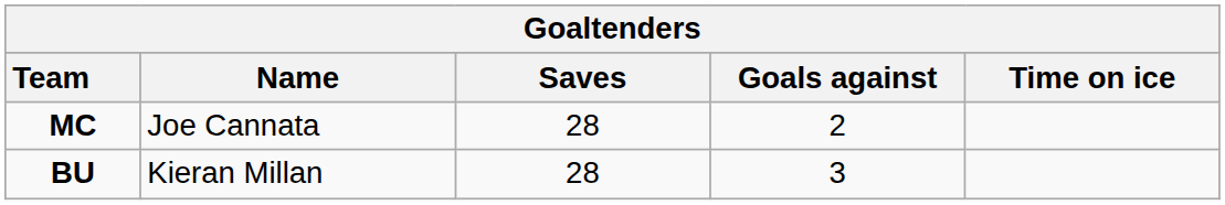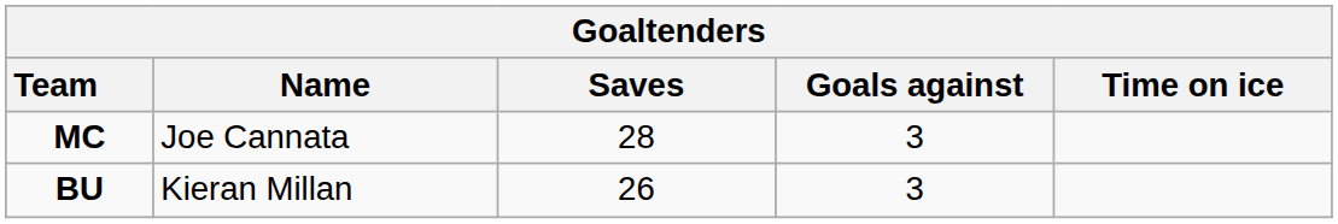 <table class="wikitable" style="width:40em; text-align:right;">
 <tr>
 <th colspan=5>Goaltenders</th>
 </tr>
 <tr>
 <th style="width:4em; text-align:left;">Team</th>
 <th style="width:10em;">Name</th>
 <th style="width:8em;">Saves</th>
 <th style="width:8em;">Goals against</th>
 <th style="width:8em;">Time on ice</th>
 </tr>
 <tr>
 <td align=center><strong>MC</strong></td>
 <td style="text-align:left;">Joe Cannata</td>
 <td align=center>28</td>
-<td align=center>2</td>
+<td align=center>3</td>
 <td align=center></td>
 </tr>
 <tr>
 <td align=center><strong>BU</strong></td>
 <td style="text-align:left;">Kieran Millan</td>
-<td align=center>28</td>
+<td align=center>26</td>
 <td align=center>3</td>
 <td align=center></td>
 </tr>
 </table>
